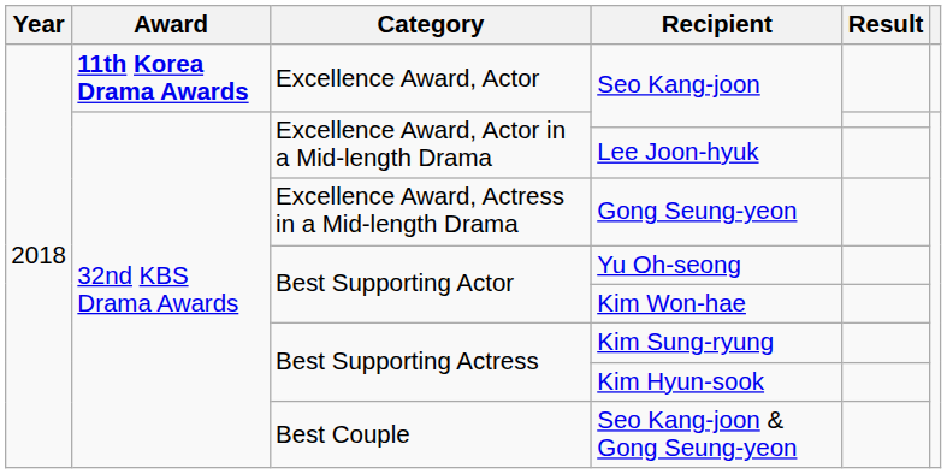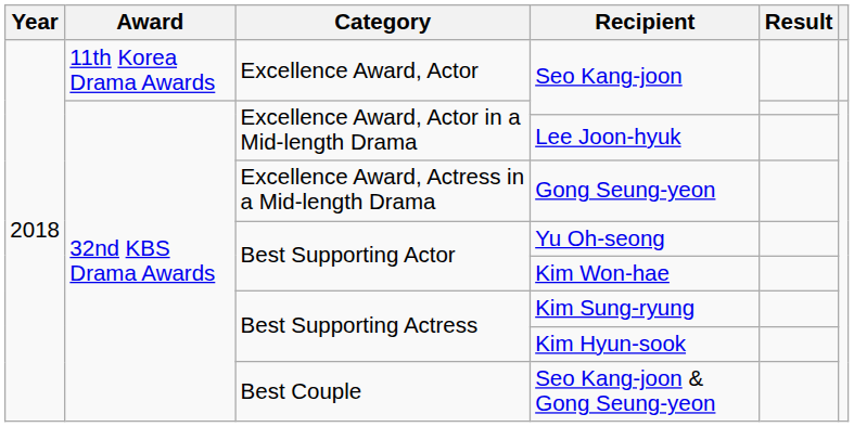 <table class="wikitable">
 <tr>
 <th>Year</th>
 <th>Award</th>
 <th>Category</th>
 <th>Recipient</th>
 <th>Result</th>
 <th></th>
 </tr>
 <tr>
 <td rowspan="9">2018</td>
-<td><strong><a href='#'>11th</a> <a href='#'>Korea Drama Awards</a></strong></td>
+<td><a href='#'>11th</a> <a href='#'>Korea Drama Awards</a></td>
 <td>Excellence Award, Actor</td>
 <td rowspan="2"><a href='#'>Seo Kang-joon</a></td>
 <td></td>
 <td></td>
 </tr>
 <tr>
 <td rowspan="8"><a href='#'>32nd</a> <a href='#'>KBS Drama Awards</a></td>
 <td rowspan="2">Excellence Award, Actor in a Mid-length Drama</td>
 <td></td>
 <td rowspan="8"></td>
 </tr>
 <tr>
 <td><a href='#'>Lee Joon-hyuk</a></td>
 <td></td>
 </tr>
 <tr>
 <td>Excellence Award, Actress in a Mid-length Drama</td>
 <td><a href='#'>Gong Seung-yeon</a></td>
 <td></td>
 </tr>
 <tr>
 <td rowspan="2">Best Supporting Actor</td>
 <td><a href='#'>Yu Oh-seong</a></td>
 <td></td>
 </tr>
 <tr>
 <td><a href='#'>Kim Won-hae</a></td>
 <td></td>
 </tr>
 <tr>
 <td rowspan="2">Best Supporting Actress</td>
 <td><a href='#'>Kim Sung-ryung</a></td>
 <td></td>
 </tr>
 <tr>
 <td><a href='#'>Kim Hyun-sook</a></td>
 <td></td>
 </tr>
 <tr>
 <td>Best Couple</td>
 <td><a href='#'>Seo Kang-joon</a> & <a href='#'>Gong Seung-yeon</a></td>
 <td></td>
 </tr>
 </table>
